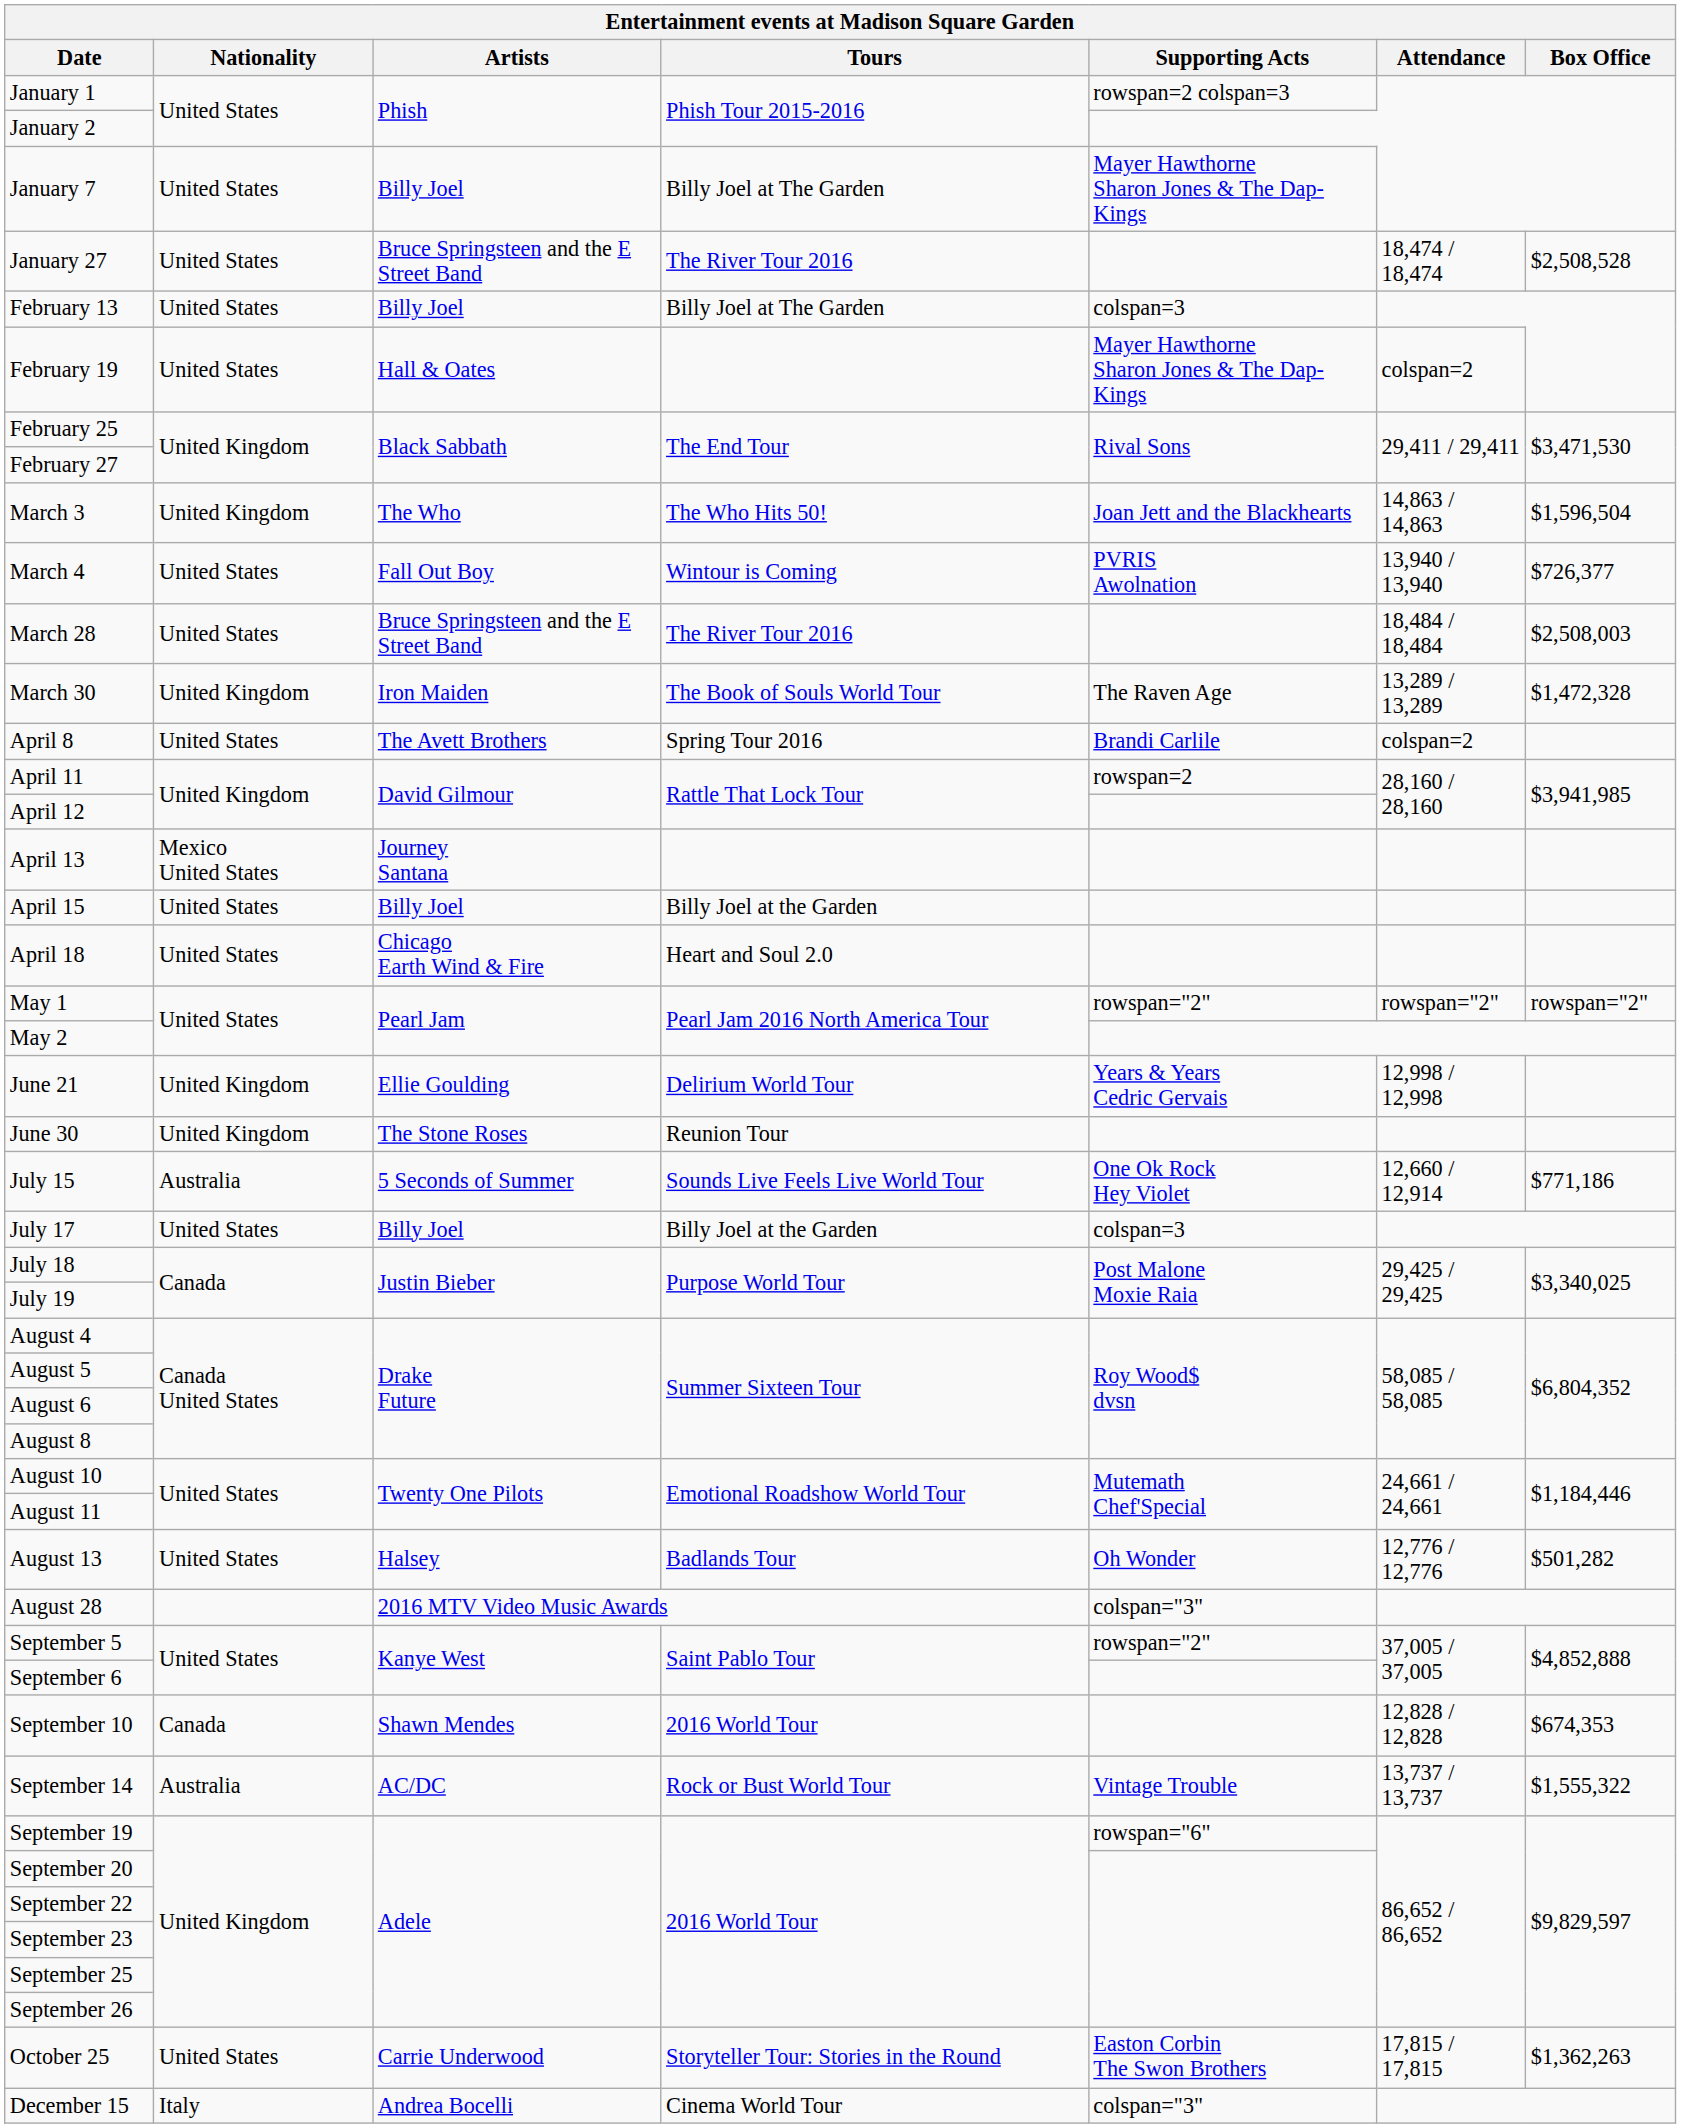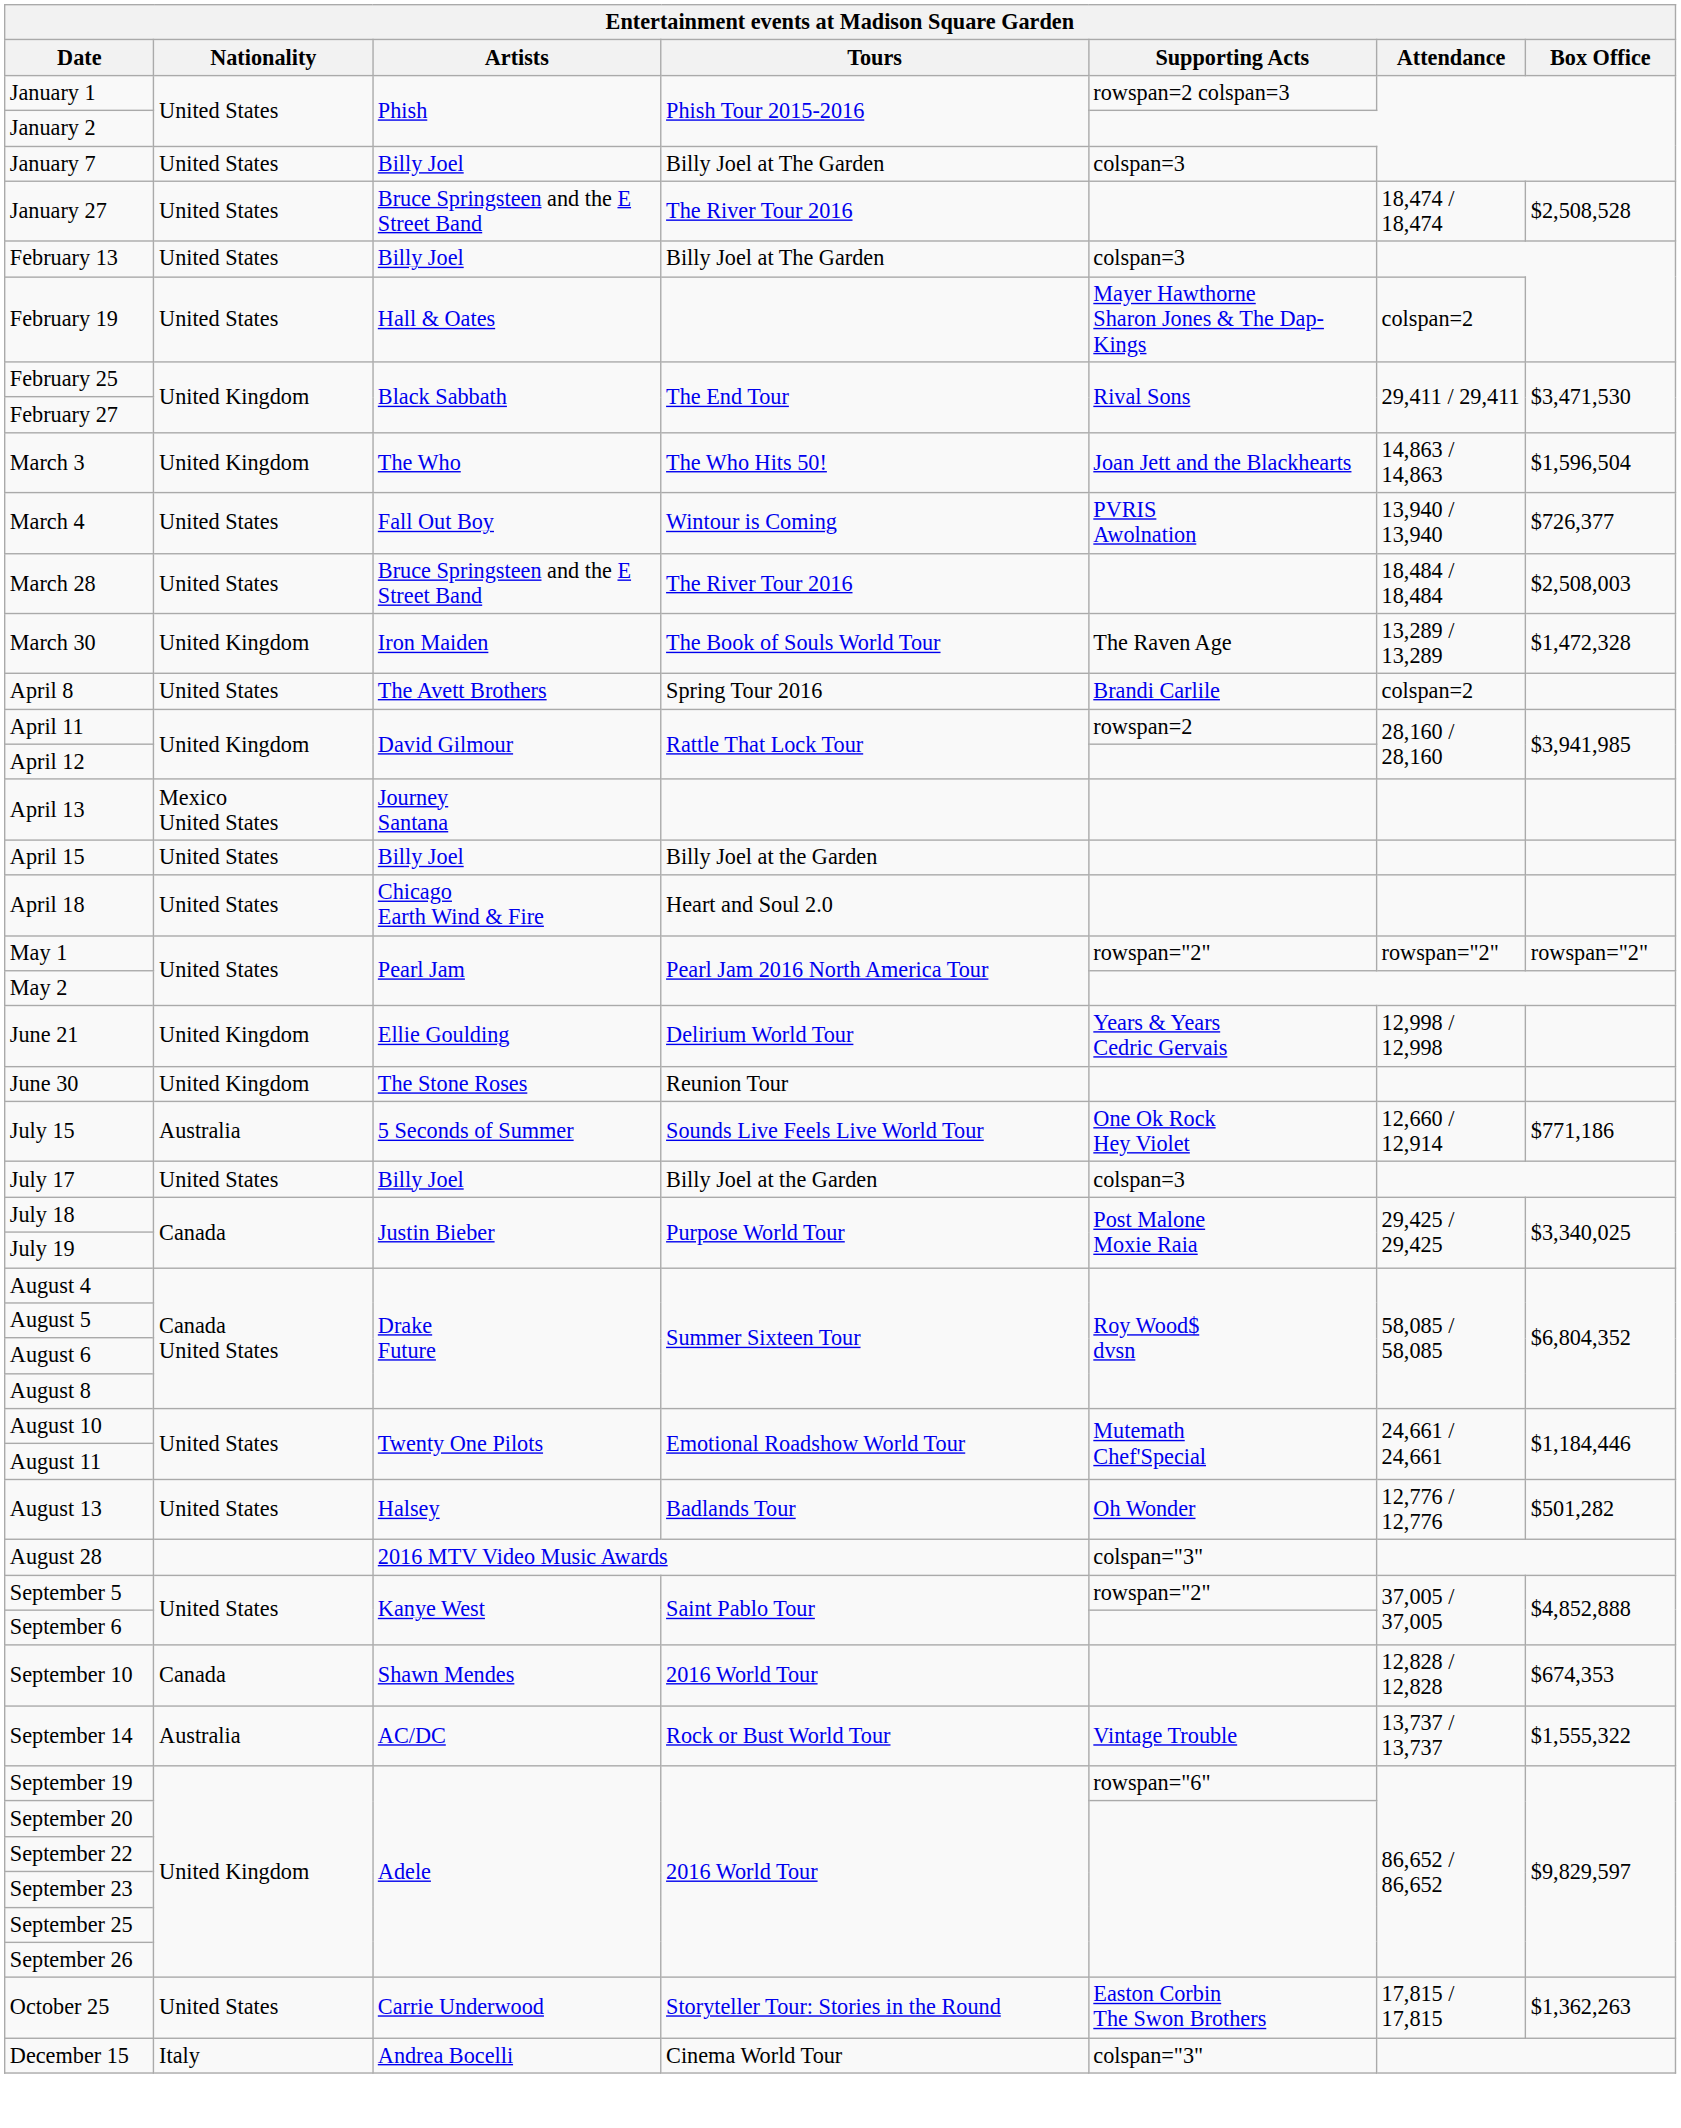 <table class="wikitable">
 <tr>
 <th colspan="7">Entertainment events at Madison Square Garden</th>
 </tr>
 <tr>
 <th width=100>Date</th>
 <th width=150>Nationality</th>
 <th width=200>Artists</th>
 <th width=300>Tours</th>
 <th width=200>Supporting Acts</th>
 <th width=100>Attendance</th>
 <th width=100>Box Office</th>
 </tr>
 <tr>
 <td>January 1</td>
 <td rowspan="2">United States</td>
 <td rowspan="2"><a href='#'>Phish</a></td>
 <td rowspan="2"><a href='#'>Phish Tour 2015-2016</a></td>
 <td>rowspan=2 colspan=3 </td>
 </tr>
 <tr>
 <td>January 2</td>
 </tr>
 <tr>
 <td>January 7</td>
 <td>United States</td>
 <td><a href='#'>Billy Joel</a></td>
 <td>Billy Joel at The Garden</td>
-<td><a href='#'>Mayer Hawthorne</a><br><a href='#'>Sharon Jones & The Dap-Kings</a></td>
+<td>colspan=3 </td>
 </tr>
 <tr>
 <td>January 27</td>
 <td>United States</td>
 <td><a href='#'>Bruce Springsteen</a> and the <a href='#'>E Street Band</a></td>
 <td><a href='#'>The River Tour 2016</a></td>
 <td></td>
 <td>18,474 / 18,474</td>
 <td>$2,508,528</td>
 </tr>
 <tr>
 <td>February 13</td>
 <td>United States</td>
 <td><a href='#'>Billy Joel</a></td>
 <td>Billy Joel at The Garden</td>
 <td>colspan=3 </td>
 </tr>
 <tr>
 <td>February 19</td>
 <td>United States</td>
 <td><a href='#'>Hall & Oates</a></td>
 <td></td>
 <td><a href='#'>Mayer Hawthorne</a><br><a href='#'>Sharon Jones & The Dap-Kings</a></td>
 <td>colspan=2 </td>
 </tr>
 <tr>
 <td>February 25</td>
 <td rowspan="2">United Kingdom</td>
 <td rowspan="2"><a href='#'>Black Sabbath</a></td>
 <td rowspan="2"><a href='#'>The End Tour</a></td>
 <td rowspan="2"><a href='#'>Rival Sons</a></td>
 <td rowspan="2">29,411 / 29,411</td>
 <td rowspan="2">$3,471,530</td>
 </tr>
 <tr>
 <td>February 27</td>
 </tr>
 <tr>
 <td>March 3</td>
 <td>United Kingdom</td>
 <td><a href='#'>The Who</a></td>
 <td><a href='#'>The Who Hits 50!</a></td>
 <td><a href='#'>Joan Jett and the Blackhearts</a></td>
 <td>14,863 / 14,863</td>
 <td>$1,596,504</td>
 </tr>
 <tr>
 <td>March 4</td>
 <td>United States</td>
 <td><a href='#'>Fall Out Boy</a></td>
 <td><a href='#'>Wintour is Coming</a></td>
 <td><a href='#'>PVRIS</a><br><a href='#'>Awolnation</a></td>
 <td>13,940 / 13,940</td>
 <td>$726,377</td>
 </tr>
 <tr>
 <td>March 28</td>
 <td>United States</td>
 <td><a href='#'>Bruce Springsteen</a> and the <a href='#'>E Street Band</a></td>
 <td><a href='#'>The River Tour 2016</a></td>
 <td></td>
 <td>18,484 / 18,484</td>
 <td>$2,508,003</td>
 </tr>
 <tr>
 <td>March 30</td>
 <td>United Kingdom</td>
 <td><a href='#'>Iron Maiden</a></td>
 <td><a href='#'>The Book of Souls World Tour</a></td>
 <td>The Raven Age</td>
 <td>13,289 / 13,289</td>
 <td>$1,472,328</td>
 </tr>
 <tr>
 <td>April 8</td>
 <td>United States</td>
 <td><a href='#'>The Avett Brothers</a></td>
 <td>Spring Tour 2016</td>
 <td><a href='#'>Brandi Carlile</a></td>
 <td>colspan=2 </td>
 </tr>
 <tr>
 <td>April 11</td>
 <td rowspan=2>United Kingdom</td>
 <td rowspan=2><a href='#'>David Gilmour</a></td>
 <td rowspan=2><a href='#'>Rattle That Lock Tour</a></td>
 <td>rowspan=2 </td>
 <td rowspan=2>28,160 / 28,160</td>
 <td rowspan=2>$3,941,985</td>
 </tr>
 <tr>
 <td>April 12</td>
 </tr>
 <tr>
 <td>April 13</td>
 <td>Mexico<br>United States</td>
 <td><a href='#'>Journey</a><br><a href='#'>Santana</a></td>
 <td></td>
 <td></td>
 <td></td>
 <td></td>
 </tr>
 <tr>
 <td>April 15</td>
 <td>United States</td>
 <td><a href='#'>Billy Joel</a></td>
 <td>Billy Joel at the Garden</td>
 <td></td>
 <td></td>
 <td></td>
 </tr>
 <tr>
 <td>April 18</td>
 <td>United States</td>
 <td><a href='#'>Chicago</a><br><a href='#'>Earth Wind & Fire</a></td>
 <td>Heart and Soul 2.0</td>
 <td></td>
 <td></td>
 <td></td>
 </tr>
 <tr>
 <td>May 1</td>
 <td rowspan="2">United States</td>
 <td rowspan="2"><a href='#'>Pearl Jam</a></td>
 <td rowspan="2"><a href='#'>Pearl Jam 2016 North America Tour</a></td>
 <td>rowspan="2" </td>
 <td>rowspan="2" </td>
 <td>rowspan="2" </td>
 </tr>
 <tr>
 <td>May 2</td>
 </tr>
 <tr>
 <td>June 21</td>
 <td>United Kingdom</td>
 <td><a href='#'>Ellie Goulding</a></td>
 <td><a href='#'>Delirium World Tour</a></td>
 <td><a href='#'>Years & Years</a><br><a href='#'>Cedric Gervais</a></td>
 <td>12,998 / 12,998</td>
 <td></td>
 </tr>
 <tr>
 <td>June 30</td>
 <td>United Kingdom</td>
 <td><a href='#'>The Stone Roses</a></td>
 <td>Reunion Tour</td>
 <td></td>
 <td></td>
 <td></td>
 </tr>
 <tr>
 <td>July 15</td>
 <td>Australia</td>
 <td><a href='#'>5 Seconds of Summer</a></td>
 <td><a href='#'>Sounds Live Feels Live World Tour</a></td>
 <td><a href='#'>One Ok Rock</a><br><a href='#'>Hey Violet</a></td>
 <td>12,660 / 12,914</td>
 <td>$771,186</td>
 </tr>
 <tr>
 <td>July 17</td>
 <td>United States</td>
 <td><a href='#'>Billy Joel</a></td>
 <td>Billy Joel at the Garden</td>
 <td>colspan=3 </td>
 </tr>
 <tr>
 <td>July 18</td>
 <td rowspan="2">Canada</td>
 <td rowspan="2"><a href='#'>Justin Bieber</a></td>
 <td rowspan="2"><a href='#'>Purpose World Tour</a></td>
 <td rowspan="2"><a href='#'>Post Malone</a><br><a href='#'>Moxie Raia</a></td>
 <td rowspan="2">29,425 / 29,425</td>
 <td rowspan="2">$3,340,025</td>
 </tr>
 <tr>
 <td>July 19</td>
 </tr>
 <tr>
 <td>August 4</td>
 <td rowspan="4">Canada<br>United States</td>
 <td rowspan="4"><a href='#'>Drake</a><br><a href='#'>Future</a></td>
 <td rowspan="4"><a href='#'>Summer Sixteen Tour</a></td>
 <td rowspan="4"><a href='#'>Roy Wood$</a><br><a href='#'>dvsn</a></td>
 <td rowspan="4">58,085 / 58,085</td>
 <td rowspan="4">$6,804,352</td>
 </tr>
 <tr>
 <td>August 5</td>
 </tr>
 <tr>
 <td>August 6</td>
 </tr>
 <tr>
 <td>August 8</td>
 </tr>
 <tr>
 <td>August 10</td>
 <td rowspan="2">United States</td>
 <td rowspan="2"><a href='#'>Twenty One Pilots</a></td>
 <td rowspan="2"><a href='#'>Emotional Roadshow World Tour</a></td>
 <td rowspan="2"><a href='#'>Mutemath</a><br><a href='#'>Chef'Special</a></td>
 <td rowspan="2">24,661 / 24,661</td>
 <td rowspan="2">$1,184,446</td>
 </tr>
 <tr>
 <td>August 11</td>
 </tr>
 <tr>
 <td>August 13</td>
 <td>United States</td>
 <td><a href='#'>Halsey</a></td>
 <td><a href='#'>Badlands Tour</a></td>
 <td><a href='#'>Oh Wonder</a></td>
 <td>12,776 / 12,776</td>
 <td>$501,282</td>
 </tr>
 <tr>
 <td>August 28</td>
 <td></td>
 <td colspan="2"><a href='#'>2016 MTV Video Music Awards</a></td>
 <td>colspan="3" </td>
 </tr>
 <tr>
 <td>September 5</td>
 <td rowspan="2">United States</td>
 <td rowspan="2"><a href='#'>Kanye West</a></td>
 <td rowspan="2"><a href='#'>Saint Pablo Tour</a></td>
 <td>rowspan="2" </td>
 <td rowspan="2">37,005 / 37,005</td>
 <td rowspan="2">$4,852,888</td>
 </tr>
 <tr>
 <td>September 6</td>
 </tr>
 <tr>
 <td>September 10</td>
 <td>Canada</td>
 <td><a href='#'>Shawn Mendes</a></td>
 <td><a href='#'>2016 World Tour</a></td>
 <td></td>
 <td>12,828 / 12,828</td>
 <td>$674,353</td>
 </tr>
 <tr>
 <td>September 14</td>
 <td>Australia</td>
 <td><a href='#'>AC/DC</a></td>
 <td><a href='#'>Rock or Bust World Tour</a></td>
 <td><a href='#'>Vintage Trouble</a></td>
 <td>13,737 / 13,737</td>
 <td>$1,555,322</td>
 </tr>
 <tr>
 <td>September 19</td>
 <td rowspan="6">United Kingdom</td>
 <td rowspan="6"><a href='#'>Adele</a></td>
 <td rowspan="6"><a href='#'>2016 World Tour</a></td>
 <td>rowspan="6" </td>
 <td rowspan="6">86,652 / 86,652</td>
 <td rowspan="6">$9,829,597</td>
 </tr>
 <tr>
 <td>September 20</td>
 </tr>
 <tr>
 <td>September 22</td>
 </tr>
 <tr>
 <td>September 23</td>
 </tr>
 <tr>
 <td>September 25</td>
 </tr>
 <tr>
 <td>September 26</td>
 </tr>
 <tr>
 <td>October 25</td>
 <td>United States</td>
 <td><a href='#'>Carrie Underwood</a></td>
 <td><a href='#'>Storyteller Tour: Stories in the Round</a></td>
 <td><a href='#'>Easton Corbin</a><br><a href='#'>The Swon Brothers</a></td>
 <td>17,815 / 17,815</td>
 <td>$1,362,263</td>
 </tr>
 <tr>
 <td>December 15</td>
 <td>Italy</td>
 <td><a href='#'>Andrea Bocelli</a></td>
 <td>Cinema World Tour</td>
 <td>colspan="3" </td>
 </tr>
 </table>
